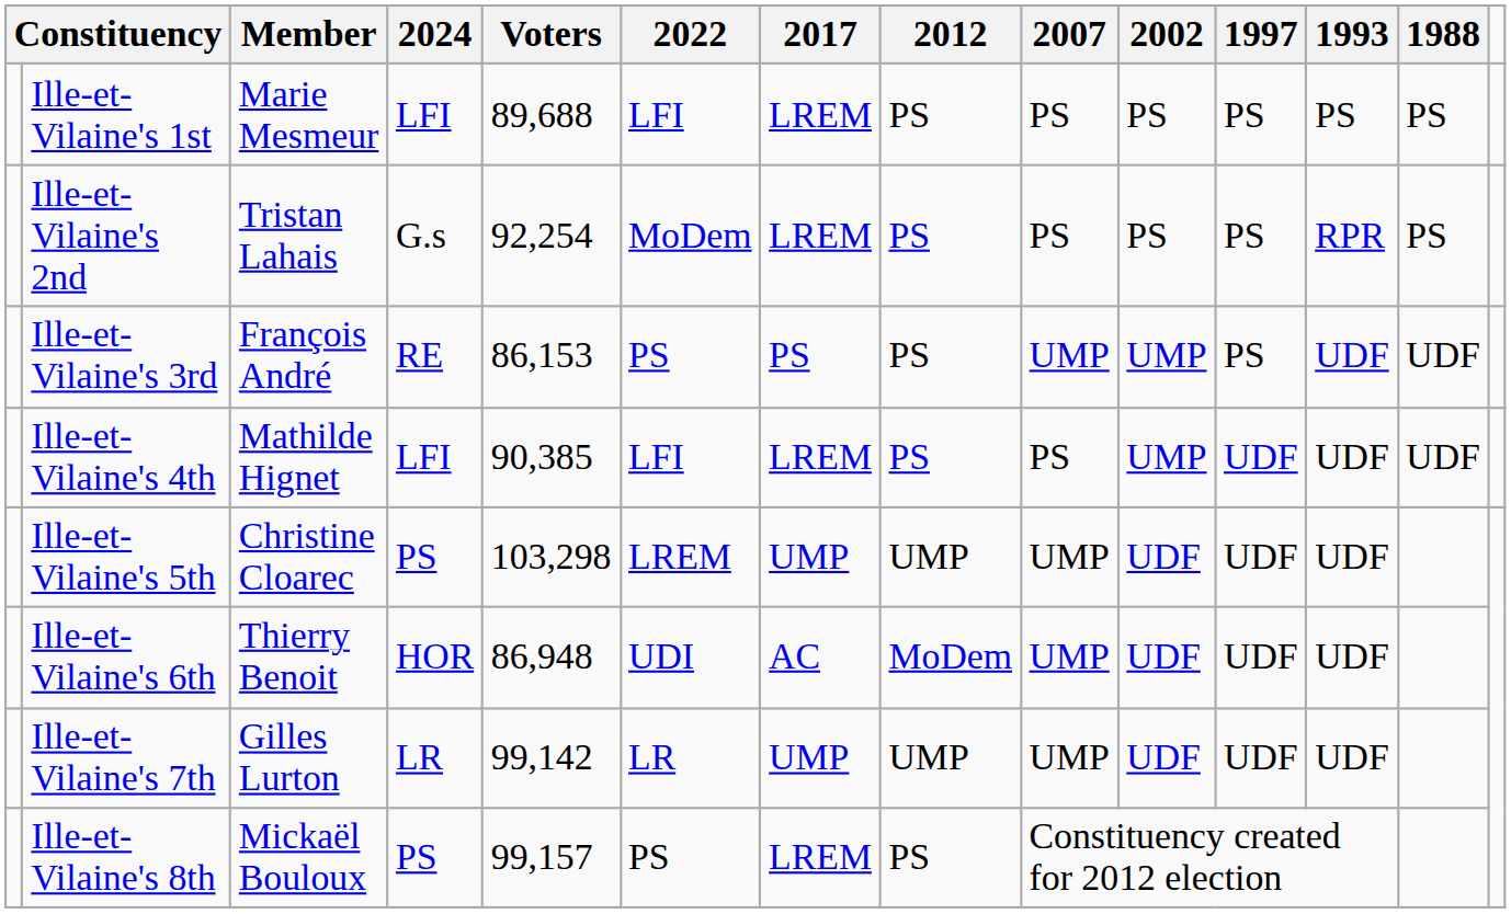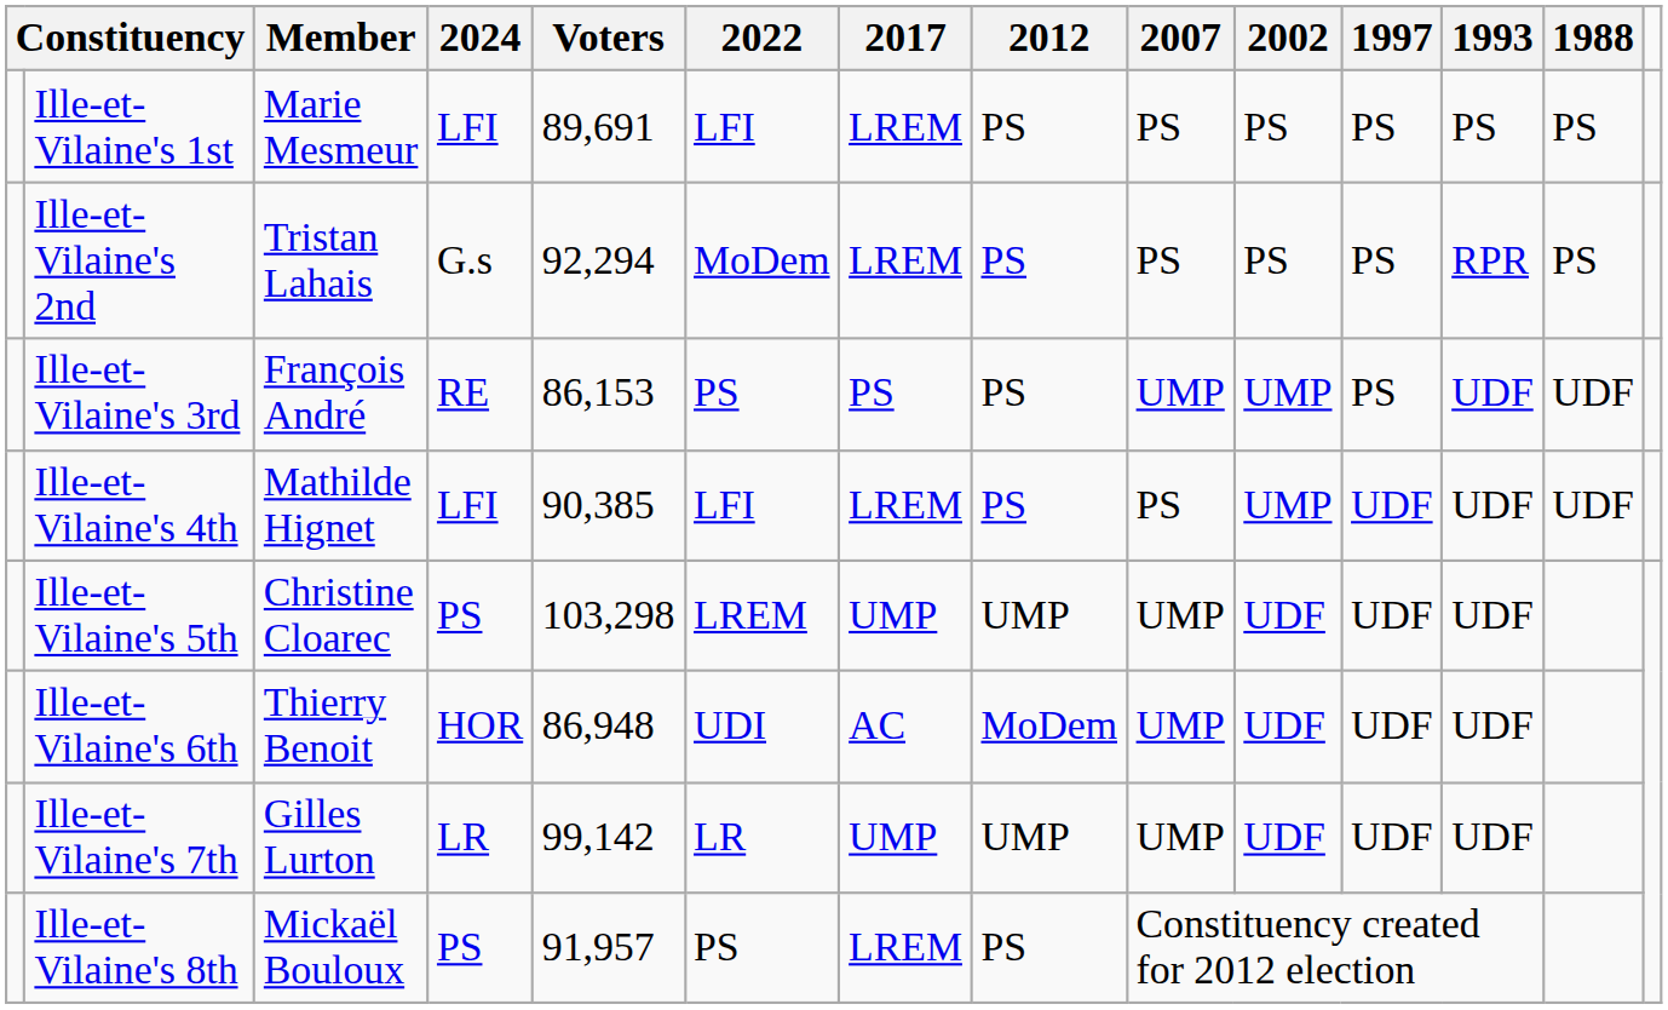 <table class="wikitable sortable">
 <tr>
 <th colspan="2">Constituency</th>
 <th>Member</th>
 <th>2024</th>
 <th>Voters</th>
 <th>2022</th>
 <th>2017</th>
 <th>2012</th>
 <th>2007</th>
 <th>2002</th>
 <th>1997</th>
 <th>1993</th>
 <th>1988</th>
 </tr>
 <tr>
 <td style="background-color: "></td>
 <td><a href='#'>Ille-et-Vilaine's 1st</a></td>
 <td><a href='#'>Marie Mesmeur</a></td>
 <td><a href='#'>LFI</a></td>
-<td>89,688</td>
+<td>89,691</td>
 <td><a href='#'>LFI</a></td>
 <td><a href='#'>LREM</a></td>
 <td bgcolor=>PS</td>
 <td bgcolor=>PS</td>
 <td bgcolor=>PS</td>
 <td bgcolor=>PS</td>
 <td bgcolor=>PS</td>
 <td bgcolor=>PS</td>
 <td></td>
 </tr>
 <tr>
 <td style="background-color: "></td>
 <td><a href='#'>Ille-et-Vilaine's 2nd</a></td>
 <td><a href='#'>Tristan Lahais</a></td>
 <td bgcolor=>G.s</td>
-<td>92,254</td>
+<td>92,294</td>
 <td><a href='#'>MoDem</a></td>
 <td><a href='#'>LREM</a></td>
 <td bgcolor=><a href='#'>PS</a></td>
 <td bgcolor=>PS</td>
 <td bgcolor=>PS</td>
 <td bgcolor=>PS</td>
 <td bgcolor=><a href='#'>RPR</a></td>
 <td bgcolor=>PS</td>
 <td></td>
 </tr>
 <tr>
 <td style="background-color: "></td>
 <td><a href='#'>Ille-et-Vilaine's 3rd</a></td>
 <td><a href='#'>François André</a></td>
 <td><a href='#'>RE</a></td>
 <td>86,153</td>
 <td><a href='#'>PS</a></td>
 <td bgcolor=><a href='#'>PS</a></td>
 <td bgcolor=>PS</td>
 <td bgcolor=><a href='#'>UMP</a></td>
 <td bgcolor=><a href='#'>UMP</a></td>
 <td bgcolor=>PS</td>
 <td bgcolor=><a href='#'>UDF</a></td>
 <td bgcolor=>UDF</td>
 <td></td>
 </tr>
 <tr>
 <td style="background-color: "></td>
 <td><a href='#'>Ille-et-Vilaine's 4th</a></td>
 <td><a href='#'>Mathilde Hignet</a></td>
 <td><a href='#'>LFI</a></td>
 <td>90,385</td>
 <td><a href='#'>LFI</a></td>
 <td><a href='#'>LREM</a></td>
 <td bgcolor=><a href='#'>PS</a></td>
 <td bgcolor=>PS</td>
 <td bgcolor=><a href='#'>UMP</a></td>
 <td bgcolor=><a href='#'>UDF</a></td>
 <td bgcolor=>UDF</td>
 <td bgcolor=>UDF</td>
 <td></td>
 </tr>
 <tr>
 <td style="background-color: "></td>
 <td><a href='#'>Ille-et-Vilaine's 5th</a></td>
 <td><a href='#'>Christine Cloarec</a></td>
 <td><a href='#'>PS</a></td>
 <td>103,298</td>
 <td><a href='#'>LREM</a></td>
 <td bgcolor=><a href='#'>UMP</a></td>
 <td bgcolor=>UMP</td>
 <td bgcolor=>UMP</td>
 <td bgcolor=><a href='#'>UDF</a></td>
 <td bgcolor=>UDF</td>
 <td bgcolor=>UDF</td>
 <td></td>
 </tr>
 <tr>
 <td style="background-color: "></td>
 <td><a href='#'>Ille-et-Vilaine's 6th</a></td>
 <td><a href='#'>Thierry Benoit</a></td>
 <td><a href='#'>HOR</a></td>
 <td>86,948</td>
 <td><a href='#'>UDI</a></td>
 <td bgcolor=><a href='#'>AC</a></td>
 <td bgcolor=><a href='#'>MoDem</a></td>
 <td bgcolor=><a href='#'>UMP</a></td>
 <td bgcolor=><a href='#'>UDF</a></td>
 <td bgcolor=>UDF</td>
 <td bgcolor=>UDF</td>
 <td></td>
 </tr>
 <tr>
 <td style="background-color: "></td>
 <td><a href='#'>Ille-et-Vilaine's 7th</a></td>
 <td><a href='#'>Gilles Lurton</a></td>
 <td><a href='#'>LR</a></td>
 <td>99,142</td>
 <td><a href='#'>LR</a></td>
 <td bgcolor=><a href='#'>UMP</a></td>
 <td bgcolor=>UMP</td>
 <td bgcolor=>UMP</td>
 <td bgcolor=><a href='#'>UDF</a></td>
 <td bgcolor=>UDF</td>
 <td bgcolor=>UDF</td>
 <td></td>
 </tr>
 <tr>
 <td style="background-color: "></td>
 <td><a href='#'>Ille-et-Vilaine's 8th</a></td>
 <td><a href='#'>Mickaël Bouloux</a></td>
 <td bgcolor=><a href='#'>PS</a></td>
-<td>99,157</td>
+<td>91,957</td>
 <td bgcolor=>PS</td>
 <td><a href='#'>LREM</a></td>
 <td bgcolor=>PS</td>
 <td colspan="4">Constituency created for 2012 election</td>
 <td></td>
 </tr>
 </table>
